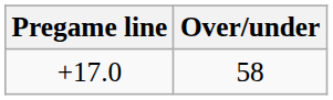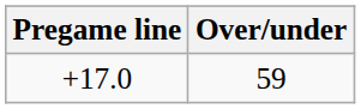 <table class="wikitable" style="margin-left: auto; margin-right: auto; border: none; display: inline-table;">
 <tr align="center">
 <th style=>Pregame line</th>
 <th style=>Over/under</th>
 </tr>
 <tr align="center">
 <td>+17.0</td>
-<td>58</td>
+<td>59</td>
 </tr>
 </table>
